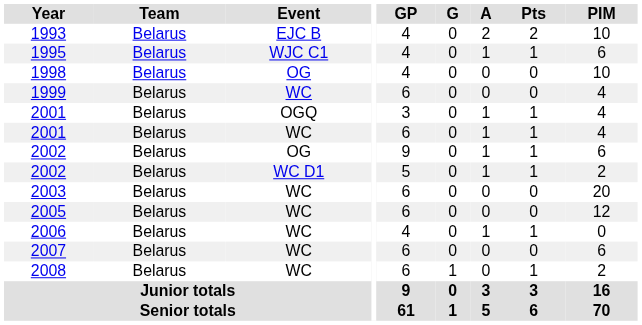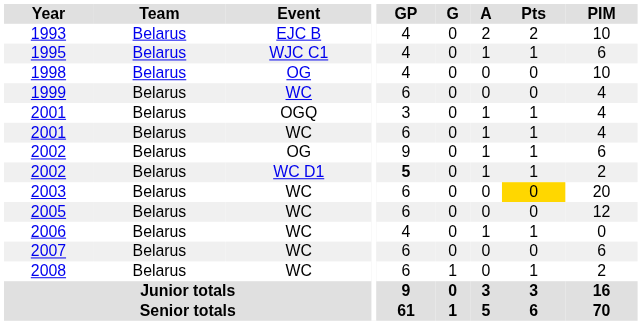 <table border="0" cellpadding="1" cellspacing="0" ID="Table3" style="text-align:center; width:40em">
 <tr bgcolor="#e0e0e0">
 <th>Year</th>
 <th>Team</th>
 <th>Event</th>
 <th rowspan="102" bgcolor="#ffffff"></th>
 <th>GP</th>
 <th>G</th>
 <th>A</th>
 <th>Pts</th>
 <th>PIM</th>
 </tr>
 <tr>
 <td><a href='#'>1993</a></td>
 <td><a href='#'>Belarus</a></td>
 <td><a href='#'>EJC B</a></td>
 <td>4</td>
 <td>0</td>
 <td>2</td>
 <td>2</td>
 <td>10</td>
 </tr>
 <tr bgcolor="#f0f0f0">
 <td><a href='#'>1995</a></td>
 <td><a href='#'>Belarus</a></td>
 <td><a href='#'>WJC C1</a></td>
 <td>4</td>
 <td>0</td>
 <td>1</td>
 <td>1</td>
 <td>6</td>
 </tr>
 <tr>
 <td><a href='#'>1998</a></td>
 <td><a href='#'>Belarus</a></td>
 <td><a href='#'>OG</a></td>
 <td>4</td>
 <td>0</td>
 <td>0</td>
 <td>0</td>
 <td>10</td>
 </tr>
 <tr bgcolor="#f0f0f0">
 <td><a href='#'>1999</a></td>
 <td>Belarus</td>
 <td><a href='#'>WC</a></td>
 <td>6</td>
 <td>0</td>
 <td>0</td>
 <td>0</td>
 <td>4</td>
 </tr>
 <tr>
 <td><a href='#'>2001</a></td>
 <td>Belarus</td>
 <td>OGQ</td>
 <td>3</td>
 <td>0</td>
 <td>1</td>
 <td>1</td>
 <td>4</td>
 </tr>
 <tr bgcolor="#f0f0f0">
 <td><a href='#'>2001</a></td>
 <td>Belarus</td>
 <td>WC</td>
 <td>6</td>
 <td>0</td>
 <td>1</td>
 <td>1</td>
 <td>4</td>
 </tr>
 <tr>
 <td><a href='#'>2002</a></td>
 <td>Belarus</td>
 <td>OG</td>
 <td>9</td>
 <td>0</td>
 <td>1</td>
 <td>1</td>
 <td>6</td>
 </tr>
 <tr bgcolor="#f0f0f0">
 <td><a href='#'>2002</a></td>
 <td>Belarus</td>
 <td><a href='#'>WC D1</a></td>
-<td>5</td>
+<td><strong>5</strong></td>
 <td>0</td>
 <td>1</td>
 <td>1</td>
 <td>2</td>
 </tr>
 <tr>
 <td><a href='#'>2003</a></td>
 <td>Belarus</td>
 <td>WC</td>
 <td>6</td>
 <td>0</td>
 <td>0</td>
-<td>0</td>
+<td style="background: gold;">0</td>
 <td>20</td>
 </tr>
 <tr bgcolor="#f0f0f0">
 <td><a href='#'>2005</a></td>
 <td>Belarus</td>
 <td>WC</td>
 <td>6</td>
 <td>0</td>
 <td>0</td>
 <td>0</td>
 <td>12</td>
 </tr>
 <tr>
 <td><a href='#'>2006</a></td>
 <td>Belarus</td>
 <td>WC</td>
 <td>4</td>
 <td>0</td>
 <td>1</td>
 <td>1</td>
 <td>0</td>
 </tr>
 <tr bgcolor="#f0f0f0">
 <td><a href='#'>2007</a></td>
 <td>Belarus</td>
 <td>WC</td>
 <td>6</td>
 <td>0</td>
 <td>0</td>
 <td>0</td>
 <td>6</td>
 </tr>
 <tr>
 <td><a href='#'>2008</a></td>
 <td>Belarus</td>
 <td>WC</td>
 <td>6</td>
 <td>1</td>
 <td>0</td>
 <td>1</td>
 <td>2</td>
 </tr>
 <tr bgcolor="#e0e0e0">
 <th colspan="3">Junior totals</th>
 <th>9</th>
 <th>0</th>
 <th>3</th>
 <th>3</th>
 <th>16</th>
 </tr>
 <tr bgcolor="#e0e0e0">
 <th colspan="3">Senior totals</th>
 <th>61</th>
 <th>1</th>
 <th>5</th>
 <th>6</th>
 <th>70</th>
 </tr>
 </table>
